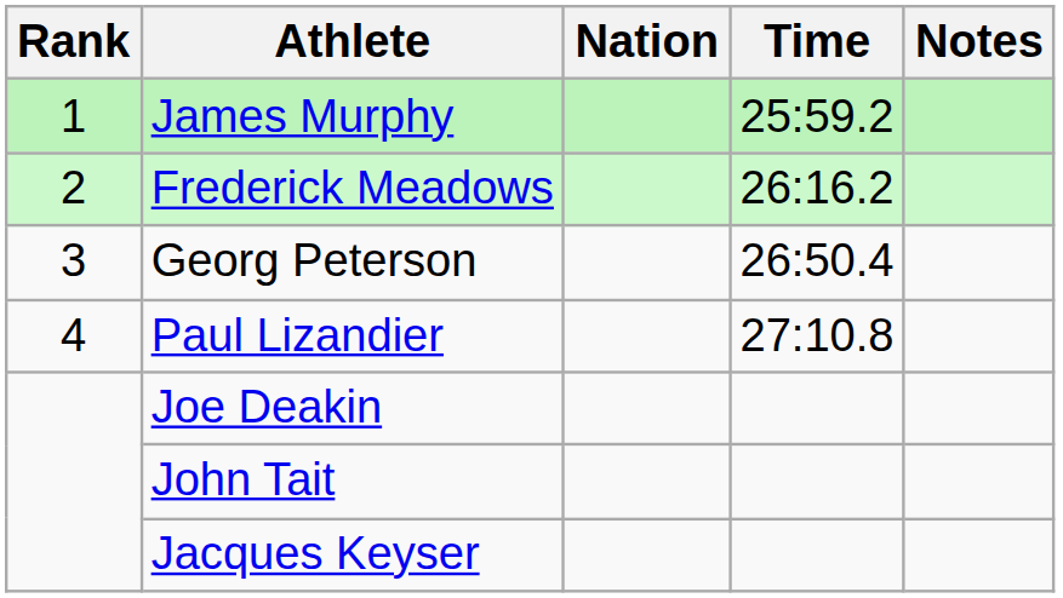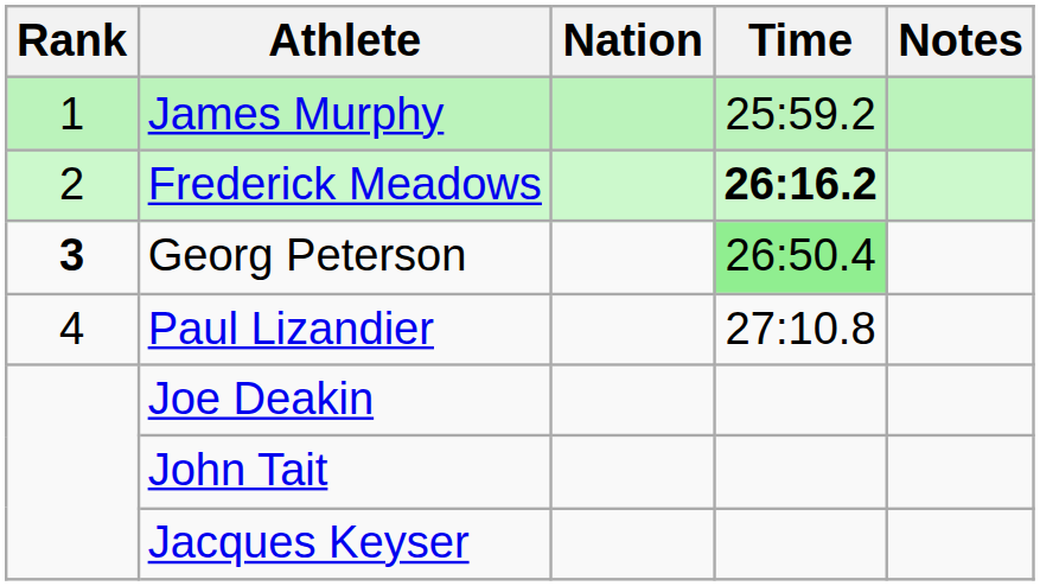 <table class="wikitable sortable">
 <tr>
 <th>Rank</th>
 <th>Athlete</th>
 <th>Nation</th>
 <th>Time</th>
 <th>Notes</th>
 </tr>
 <tr bgcolor=bbf3bb>
 <td align=center>1</td>
 <td><a href='#'>James Murphy</a></td>
 <td></td>
 <td align=center>25:59.2</td>
 <td align=center></td>
 </tr>
 <tr bgcolor=ccf9cc>
 <td align=center>2</td>
 <td><a href='#'>Frederick Meadows</a></td>
 <td></td>
-<td align=center>26:16.2</td>
+<td align=center><strong>26:16.2</strong></td>
 <td align=center></td>
 </tr>
 <tr>
-<td align=center>3</td>
+<td align=center><strong>3</strong></td>
 <td>Georg Peterson</td>
 <td></td>
-<td align=center>26:50.4</td>
+<td align=center style="background: lightgreen;">26:50.4</td>
 <td></td>
 </tr>
 <tr>
 <td align=center>4</td>
 <td><a href='#'>Paul Lizandier</a></td>
 <td></td>
 <td align=center>27:10.8</td>
 <td></td>
 </tr>
 <tr>
 <td rowspan=3 align=center></td>
 <td><a href='#'>Joe Deakin</a></td>
 <td></td>
 <td align=center></td>
 <td></td>
 </tr>
 <tr>
 <td><a href='#'>John Tait</a></td>
 <td></td>
 <td align=center></td>
 <td></td>
 </tr>
 <tr>
 <td><a href='#'>Jacques Keyser</a></td>
 <td></td>
 <td align=center></td>
 <td></td>
 </tr>
 </table>
